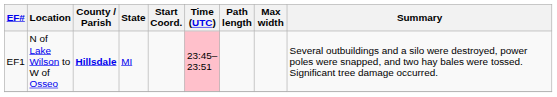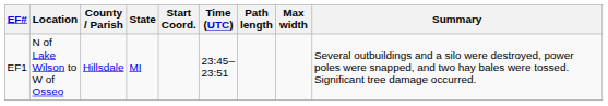 <table class="wikitable sortable" style="width:100%;">
 <tr>
 <th scope="col"  style="width:3%; text-align:center;"><a href='#'>EF#</a></th>
 <th scope="col"  style="width:7%; text-align:center;" class="unsortable">Location</th>
 <th scope="col"  style="width:6%; text-align:center;" class="unsortable">County / Parish</th>
 <th scope="col"  style="width:5%; text-align:center;">State</th>
 <th scope="col"  style="width:6%; text-align:center;">Start Coord.</th>
 <th scope="col"  style="width:6%; text-align:center;">Time (<a href='#'>UTC</a>)</th>
 <th scope="col"  style="width:6%; text-align:center;">Path length</th>
 <th scope="col"  style="width:6%; text-align:center;">Max width</th>
 <th scope="col" class="unsortable" style="width:48%; text-align:center;">Summary</th>
 </tr>
 <tr>
 <td>EF1</td>
 <td>N of <a href='#'>Lake Wilson</a> to W of <a href='#'>Osseo</a></td>
-<td><strong><a href='#'>Hillsdale</a></strong></td>
+<td><a href='#'>Hillsdale</a></td>
 <td><a href='#'>MI</a></td>
 <td></td>
-<td style="background: pink;">23:45–23:51</td>
+<td>23:45–23:51</td>
 <td></td>
 <td></td>
 <td>Several outbuildings and a silo were destroyed, power poles were snapped, and two  hay bales were tossed. Significant tree damage occurred.</td>
 </tr>
 <tr>
 </tr>
 </table>
